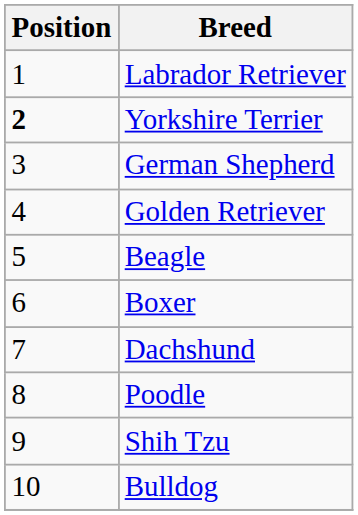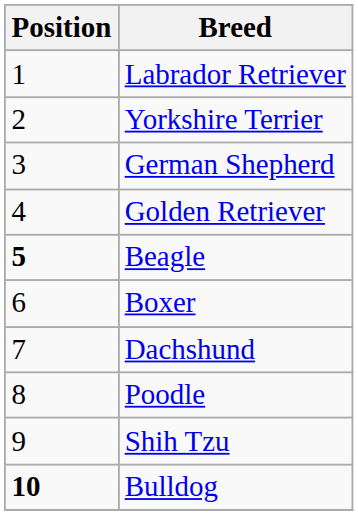 <table class="wikitable sortable">
 <tr>
 <th>Position</th>
 <th>Breed</th>
 </tr>
 <tr>
 <td>1</td>
 <td><a href='#'>Labrador Retriever</a></td>
 </tr>
 <tr>
-<td><strong>2</strong></td>
+<td>2</td>
 <td><a href='#'>Yorkshire Terrier</a></td>
 </tr>
 <tr>
 <td>3</td>
 <td><a href='#'>German Shepherd</a></td>
 </tr>
 <tr>
 <td>4</td>
 <td><a href='#'>Golden Retriever</a></td>
 </tr>
 <tr>
-<td>5</td>
+<td><strong>5</strong></td>
 <td><a href='#'>Beagle</a></td>
 </tr>
 <tr>
 <td>6</td>
 <td><a href='#'>Boxer</a></td>
 </tr>
 <tr>
 <td>7</td>
 <td><a href='#'>Dachshund</a></td>
 </tr>
 <tr>
 <td>8</td>
 <td><a href='#'>Poodle</a></td>
 </tr>
 <tr>
 <td>9</td>
 <td><a href='#'>Shih Tzu</a></td>
 </tr>
 <tr>
-<td>10</td>
+<td><strong>10</strong></td>
 <td><a href='#'>Bulldog</a></td>
 </tr>
 <tr>
 </tr>
 </table>
